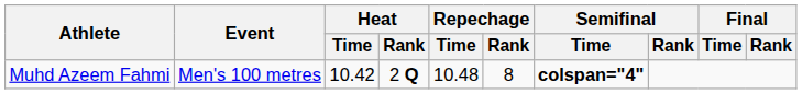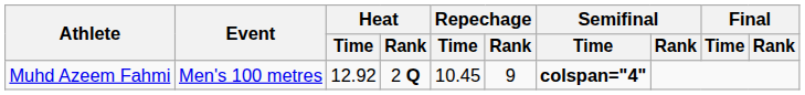 <table class="wikitable" style="font-size:90%">
 <tr>
 <th rowspan=2>Athlete</th>
 <th rowspan=2>Event</th>
 <th colspan=2>Heat</th>
 <th colspan=2>Repechage</th>
 <th colspan=2>Semifinal</th>
 <th colspan=2>Final</th>
 </tr>
 <tr style=font-size:95%>
 <th>Time</th>
 <th>Rank</th>
 <th>Time</th>
 <th>Rank</th>
 <th>Time</th>
 <th>Rank</th>
 <th>Time</th>
 <th>Rank</th>
 </tr>
 <tr align=center>
 <td align=left><a href='#'>Muhd Azeem Fahmi</a></td>
 <td align=left><a href='#'>Men's 100 metres</a></td>
-<td>10.42</td>
+<td>12.92</td>
 <td>2 <strong>Q</strong></td>
-<td>10.48</td>
-<td>8</td>
+<td>10.45</td>
+<td>9</td>
 <td><strong>colspan="4" </strong></td>
 </tr>
 </table>
